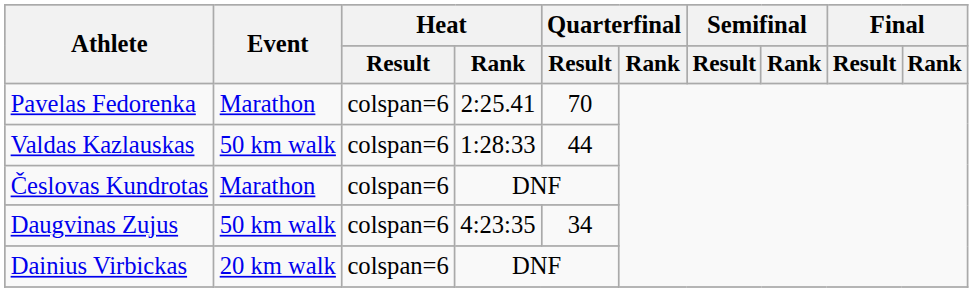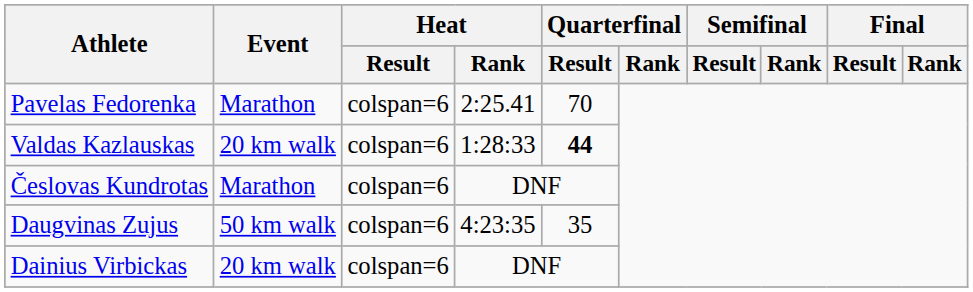 <table class="wikitable" style="font-size:90%">
 <tr>
 <th rowspan="2">Athlete</th>
 <th rowspan="2">Event</th>
 <th colspan="2">Heat</th>
 <th colspan="2">Quarterfinal</th>
 <th colspan="2">Semifinal</th>
 <th colspan="2">Final</th>
 </tr>
 <tr style="font-size:95%">
 <th>Result</th>
 <th>Rank</th>
 <th>Result</th>
 <th>Rank</th>
 <th>Result</th>
 <th>Rank</th>
 <th>Result</th>
 <th>Rank</th>
 </tr>
 <tr align=center>
 <td align=left><a href='#'>Pavelas Fedorenka</a></td>
 <td align=left><a href='#'>Marathon</a></td>
 <td>colspan=6 </td>
 <td>2:25.41</td>
 <td>70</td>
 </tr>
 <tr align=center>
 <td align=left><a href='#'>Valdas Kazlauskas</a></td>
-<td align=left><a href='#'>50 km walk</a></td>
+<td align=left><a href='#'>20 km walk</a></td>
 <td>colspan=6 </td>
 <td>1:28:33</td>
-<td>44</td>
+<td><strong>44</strong></td>
 </tr>
 <tr align=center>
 <td align=left><a href='#'>Česlovas Kundrotas</a></td>
 <td align=left><a href='#'>Marathon</a></td>
 <td>colspan=6 </td>
 <td colspan=2>DNF</td>
 </tr>
 <tr align=center>
 <td align=left><a href='#'>Daugvinas Zujus</a></td>
 <td align=left><a href='#'>50 km walk</a></td>
 <td>colspan=6 </td>
 <td>4:23:35</td>
-<td>34</td>
+<td>35</td>
 </tr>
 <tr align=center>
 <td align=left><a href='#'>Dainius Virbickas</a></td>
 <td align=left><a href='#'>20 km walk</a></td>
 <td>colspan=6 </td>
 <td colspan=2>DNF</td>
 </tr>
 </table>
